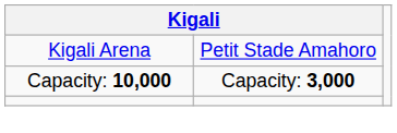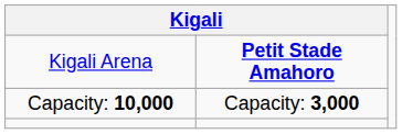 <table class="wikitable" style="text-align:center">
 <tr>
 <th colspan=2><a href='#'>Kigali</a></th>
 <td rowspan=4></td>
 </tr>
 <tr>
 <td width=150px><a href='#'>Kigali Arena</a></td>
-<td width=150px><a href='#'>Petit Stade Amahoro</a></td>
+<td width=150px><strong><a href='#'>Petit Stade Amahoro</a></strong></td>
 </tr>
 <tr>
 <td>Capacity: <strong>10,000</strong></td>
 <td>Capacity: <strong>3,000</strong></td>
 </tr>
 <tr>
 <td></td>
 <td></td>
 </tr>
 </table>
